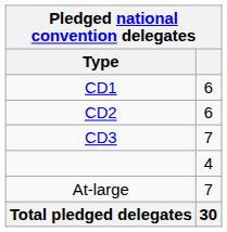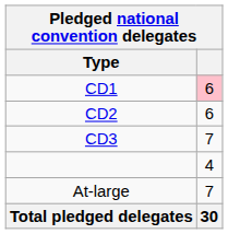 <table class="wikitable sortable" style="font-size:90%;text-align:center;float:right;padding:5px;">
 <tr>
 <th colspan="2">Pledged <a href='#'>national<br>convention</a> delegates</th>
 </tr>
 <tr>
 <th>Type</th>
 <th></th>
 </tr>
 <tr>
 <td><a href='#'>CD1</a></td>
-<td>6</td>
+<td style="background: pink;">6</td>
 </tr>
 <tr>
 <td><a href='#'>CD2</a></td>
 <td>6</td>
 </tr>
 <tr>
 <td><a href='#'>CD3</a></td>
 <td>7</td>
 </tr>
 <tr>
 <td></td>
 <td>4</td>
 </tr>
 <tr>
 <td>At-large</td>
 <td>7</td>
 </tr>
 <tr>
 <th>Total pledged delegates</th>
 <th>30</th>
 </tr>
 </table>
